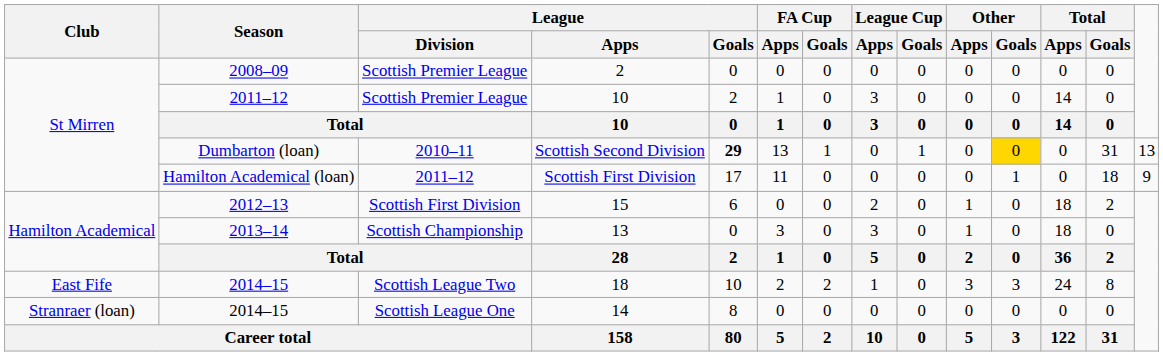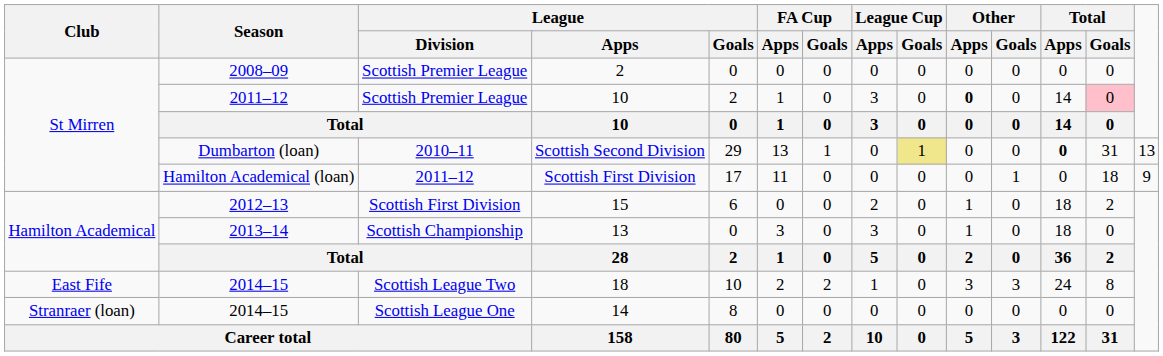 <table class="wikitable" style="text-align: center;">
 <tr>
 <th rowspan="2">Club</th>
 <th rowspan="2">Season</th>
 <th colspan="3">League</th>
 <th colspan="2">FA Cup</th>
 <th colspan="2">League Cup</th>
 <th colspan="2">Other</th>
 <th colspan="2">Total</th>
 </tr>
 <tr>
 <th>Division</th>
 <th>Apps</th>
 <th>Goals</th>
 <th>Apps</th>
 <th>Goals</th>
 <th>Apps</th>
 <th>Goals</th>
 <th>Apps</th>
 <th>Goals</th>
 <th>Apps</th>
 <th>Goals</th>
 </tr>
 <tr>
 <td rowspan="5" valign="center"><a href='#'>St Mirren</a></td>
 <td><a href='#'>2008–09</a></td>
 <td><a href='#'>Scottish Premier League</a></td>
 <td>2</td>
 <td>0</td>
 <td>0</td>
 <td>0</td>
 <td>0</td>
 <td>0</td>
 <td>0</td>
 <td>0</td>
 <td>0</td>
 <td>0</td>
 </tr>
 <tr>
 <td><a href='#'>2011–12</a></td>
 <td><a href='#'>Scottish Premier League</a></td>
 <td>10</td>
 <td>2</td>
 <td>1</td>
 <td>0</td>
 <td>3</td>
 <td>0</td>
-<td>0</td>
+<td><strong>0</strong></td>
 <td>0</td>
 <td>14</td>
-<td>0</td>
+<td style="background: pink;">0</td>
 </tr>
 <tr>
 <th colspan=2>Total</th>
 <th>10</th>
 <th>0</th>
 <th>1</th>
 <th>0</th>
 <th>3</th>
 <th>0</th>
 <th>0</th>
 <th>0</th>
 <th>14</th>
 <th>0</th>
 </tr>
 <tr>
 <td rowspan="1" valign="center"><a href='#'>Dumbarton</a> (loan)</td>
 <td><a href='#'>2010–11</a></td>
 <td><a href='#'>Scottish Second Division</a></td>
-<td><strong>29</strong></td>
+<td>29</td>
 <td>13</td>
 <td>1</td>
 <td>0</td>
-<td>1</td>
+<td style="background: khaki;">1</td>
 <td>0</td>
-<td style="background: gold;">0</td>
 <td>0</td>
+<td><strong>0</strong></td>
 <td>31</td>
 <td>13</td>
 </tr>
 <tr>
 <td rowspan="1" valign="center"><a href='#'>Hamilton Academical</a> (loan)</td>
 <td><a href='#'>2011–12</a></td>
 <td><a href='#'>Scottish First Division</a></td>
 <td>17</td>
 <td>11</td>
 <td>0</td>
 <td>0</td>
 <td>0</td>
 <td>0</td>
 <td>1</td>
 <td>0</td>
 <td>18</td>
 <td>9</td>
 </tr>
 <tr>
 <td rowspan="3" valign="center"><a href='#'>Hamilton Academical</a></td>
 <td><a href='#'>2012–13</a></td>
 <td><a href='#'>Scottish First Division</a></td>
 <td>15</td>
 <td>6</td>
 <td>0</td>
 <td>0</td>
 <td>2</td>
 <td>0</td>
 <td>1</td>
 <td>0</td>
 <td>18</td>
 <td>2</td>
 </tr>
 <tr>
 <td><a href='#'>2013–14</a></td>
 <td><a href='#'>Scottish Championship</a></td>
 <td>13</td>
 <td>0</td>
 <td>3</td>
 <td>0</td>
 <td>3</td>
 <td>0</td>
 <td>1</td>
 <td>0</td>
 <td>18</td>
 <td>0</td>
 </tr>
 <tr>
 <th colspan="2">Total</th>
 <th>28</th>
 <th>2</th>
 <th>1</th>
 <th>0</th>
 <th>5</th>
 <th>0</th>
 <th>2</th>
 <th>0</th>
 <th>36</th>
 <th>2</th>
 </tr>
 <tr>
 <td rowspan="1" valign="center"><a href='#'>East Fife</a></td>
 <td><a href='#'>2014–15</a></td>
 <td><a href='#'>Scottish League Two</a></td>
 <td>18</td>
 <td>10</td>
 <td>2</td>
 <td>2</td>
 <td>1</td>
 <td>0</td>
 <td>3</td>
 <td>3</td>
 <td>24</td>
 <td>8</td>
 </tr>
 <tr>
 <td rowspan="1" valign="center"><a href='#'>Stranraer</a> (loan)</td>
 <td>2014–15</td>
 <td><a href='#'>Scottish League One</a></td>
 <td>14</td>
 <td>8</td>
 <td>0</td>
 <td>0</td>
 <td>0</td>
 <td>0</td>
 <td>0</td>
 <td>0</td>
 <td>0</td>
 <td>0</td>
 </tr>
 <tr>
 <th colspan="3">Career total</th>
 <th>158</th>
 <th>80</th>
 <th>5</th>
 <th>2</th>
 <th>10</th>
 <th>0</th>
 <th>5</th>
 <th>3</th>
 <th>122</th>
 <th>31</th>
 </tr>
 </table>
